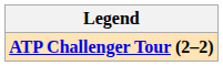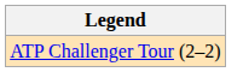 <table class="wikitable">
 <tr>
 <th>Legend</th>
 </tr>
 <tr style="background:moccasin">
-<td><strong><a href='#'>ATP Challenger Tour</a> (2–2)</strong></td>
+<td><a href='#'>ATP Challenger Tour</a> (2–2)</td>
 </tr>
 </table>
